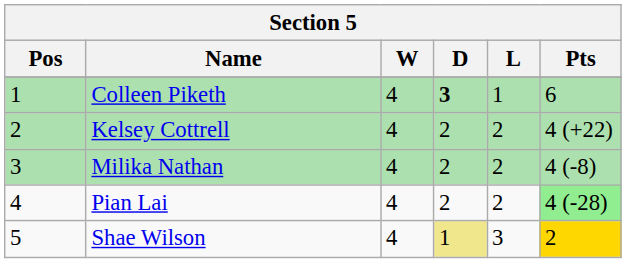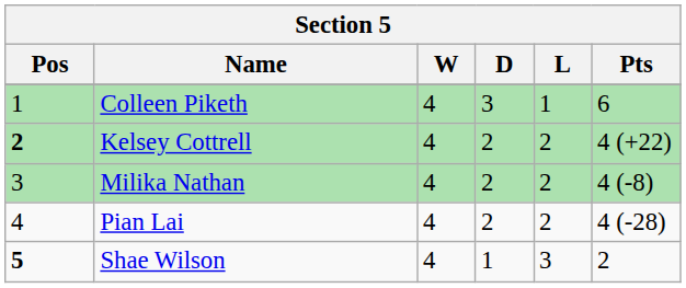 <table class="wikitable">
 <tr>
 <th colspan="6">Section 5</th>
 </tr>
 <tr>
 <th width=50>Pos</th>
 <th width=200>Name</th>
 <th width=30>W</th>
 <th width=30>D</th>
 <th width=30>L</th>
 <th width=50>Pts</th>
 </tr>
 <tr>
 </tr>
 <tr style="background:#ACE1AF;">
 <td>1</td>
 <td> <a href='#'>Colleen Piketh</a></td>
 <td>4</td>
-<td><strong>3</strong></td>
+<td>3</td>
 <td>1</td>
 <td>6</td>
 </tr>
 <tr style="background:#ACE1AF;">
-<td>2</td>
+<td><strong>2</strong></td>
 <td> <a href='#'>Kelsey Cottrell</a></td>
 <td>4</td>
 <td>2</td>
 <td>2</td>
 <td>4 (+22)</td>
 </tr>
 <tr style="background:#ACE1AF;">
 <td>3</td>
 <td> <a href='#'>Milika Nathan</a></td>
 <td>4</td>
 <td>2</td>
 <td>2</td>
 <td>4 (-8)</td>
 </tr>
 <tr>
 <td>4</td>
 <td> <a href='#'>Pian Lai</a></td>
 <td>4</td>
 <td>2</td>
 <td>2</td>
-<td style="background: lightgreen;">4 (-28)</td>
+<td>4 (-28)</td>
 </tr>
 <tr>
-<td>5</td>
+<td><strong>5</strong></td>
 <td> <a href='#'>Shae Wilson</a></td>
 <td>4</td>
-<td style="background: khaki;">1</td>
+<td>1</td>
 <td>3</td>
-<td style="background: gold;">2</td>
+<td>2</td>
 </tr>
 </table>
